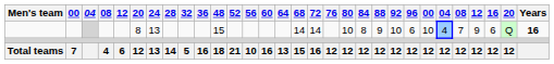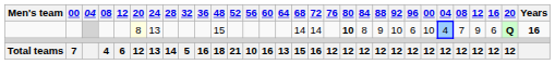 <table class="wikitable" style="text-align: center; font-size: 90%; margin-left: 1em;">
 <tr>
 <th>Men's team</th>
 <th><a href='#'>00</a></th>
 <th><em><a href='#'>04</a></em></th>
 <th><a href='#'>08</a></th>
 <th><a href='#'>12</a></th>
 <th><a href='#'>20</a></th>
 <th><a href='#'>24</a></th>
 <th><a href='#'>28</a></th>
 <th><a href='#'>32</a></th>
 <th><a href='#'>36</a></th>
 <th><a href='#'>48</a></th>
 <th><a href='#'>52</a></th>
 <th><a href='#'>56</a></th>
 <th><a href='#'>60</a></th>
 <th><a href='#'>64</a></th>
 <th><a href='#'>68</a></th>
 <th><a href='#'>72</a></th>
 <th><a href='#'>76</a></th>
 <th><a href='#'>80</a></th>
 <th><a href='#'>84</a></th>
 <th><a href='#'>88</a></th>
 <th><a href='#'>92</a></th>
 <th><a href='#'>96</a></th>
 <th><a href='#'>00</a></th>
 <th><a href='#'>04</a></th>
 <th><a href='#'>08</a></th>
 <th><a href='#'>12</a></th>
 <th><a href='#'>16</a></th>
 <th><a href='#'>20</a></th>
 <th>Years</th>
 </tr>
 <tr>
 <td style="text-align: left;"></td>
 <td></td>
 <td style="background-color: lightgray;"></td>
 <td></td>
 <td></td>
-<td>8</td>
+<td style="background: lightyellow;">8</td>
 <td>13</td>
 <td></td>
 <td></td>
 <td></td>
 <td>15</td>
 <td></td>
 <td></td>
 <td></td>
 <td></td>
 <td>14</td>
 <td>14</td>
 <td></td>
-<td>10</td>
+<td><strong>10</strong></td>
 <td>8</td>
 <td>9</td>
 <td>10</td>
 <td>6</td>
 <td>10</td>
 <td style="border: 2px solid blue; background-color: #9acdff;">4</td>
 <td>7</td>
 <td>9</td>
 <td>6</td>
-<td style="background-color: #ccffcc;">Q</td>
+<td style="background-color: #ccffcc;"><strong>Q</strong></td>
 <td><strong>16</strong></td>
 </tr>
 <tr style="background-color: lightgrey;">
 <td colspan="30"></td>
 </tr>
 <tr>
 <th>Total teams</th>
 <th>7</th>
 <th></th>
 <th>4</th>
 <th>6</th>
 <th>12</th>
 <th>13</th>
 <th>14</th>
 <th>5</th>
 <th>16</th>
 <th>18</th>
 <th>21</th>
 <th>10</th>
 <th>16</th>
 <th>13</th>
 <th>15</th>
 <th>16</th>
 <th>12</th>
 <th>12</th>
 <th>12</th>
 <th>12</th>
 <th>12</th>
 <th>12</th>
 <th>12</th>
 <th>12</th>
 <th>12</th>
 <th>12</th>
 <th>12</th>
 <th>12</th>
 <th></th>
 </tr>
 </table>
